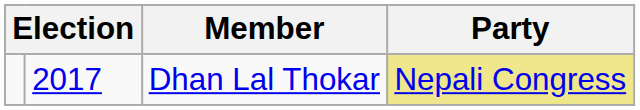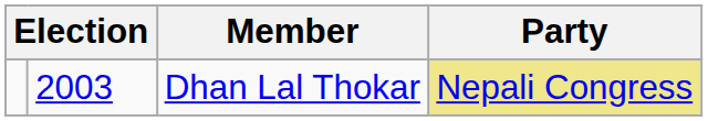 <table class="wikitable">
 <tr>
 <th colspan="2">Election</th>
 <th>Member</th>
 <th>Party</th>
 </tr>
 <tr>
 <td style="background-color:"></td>
-<td><a href='#'>2017</a></td>
+<td><a href='#'>2003</a></td>
 <td><a href='#'>Dhan Lal Thokar</a></td>
 <td style="background: khaki;"><a href='#'>Nepali Congress</a></td>
 </tr>
 </table>
